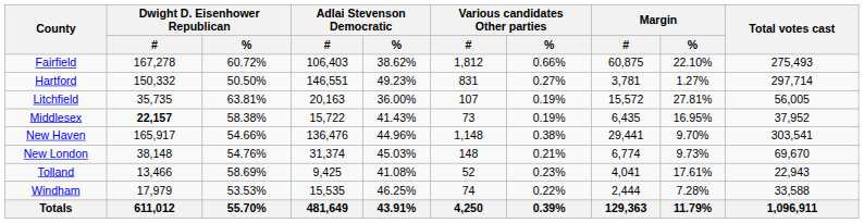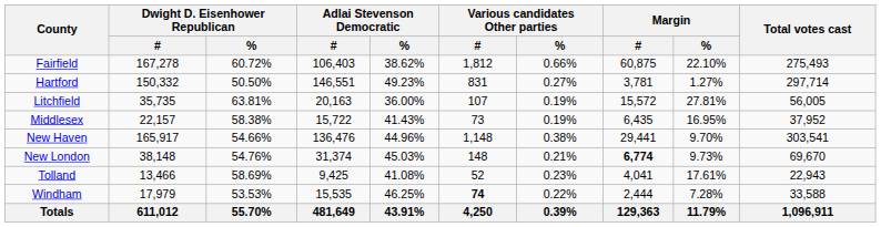 <table width="60%"  class="wikitable sortable" style="text-align:center">
 <tr>
 <th style="text-align:center;" rowspan="2">County</th>
 <th style="text-align:center;" colspan="2">Dwight D. Eisenhower<br>Republican</th>
 <th style="text-align:center;" colspan="2">Adlai Stevenson<br>Democratic</th>
 <th style="text-align:center;" colspan="2">Various candidates<br>Other parties</th>
 <th style="text-align:center;" colspan="2">Margin</th>
 <th style="text-align:center;" rowspan="2">Total votes cast</th>
 </tr>
 <tr>
 <th style="text-align:center;" data-sort-type="number">#</th>
 <th style="text-align:center;" data-sort-type="number">%</th>
 <th style="text-align:center;" data-sort-type="number">#</th>
 <th style="text-align:center;" data-sort-type="number">%</th>
 <th style="text-align:center;" data-sort-type="number">#</th>
 <th style="text-align:center;" data-sort-type="number">%</th>
 <th style="text-align:center;" data-sort-type="number">#</th>
 <th style="text-align:center;" data-sort-type="number">%</th>
 </tr>
 <tr style="text-align:center;">
 <td><a href='#'>Fairfield</a></td>
 <td>167,278</td>
 <td>60.72%</td>
 <td>106,403</td>
 <td>38.62%</td>
 <td>1,812</td>
 <td>0.66%</td>
 <td>60,875</td>
 <td>22.10%</td>
 <td>275,493</td>
 </tr>
 <tr style="text-align:center;">
 <td><a href='#'>Hartford</a></td>
 <td>150,332</td>
 <td>50.50%</td>
 <td>146,551</td>
 <td>49.23%</td>
 <td>831</td>
 <td>0.27%</td>
 <td>3,781</td>
 <td>1.27%</td>
 <td>297,714</td>
 </tr>
 <tr style="text-align:center;">
 <td><a href='#'>Litchfield</a></td>
 <td>35,735</td>
 <td>63.81%</td>
 <td>20,163</td>
 <td>36.00%</td>
 <td>107</td>
 <td>0.19%</td>
 <td>15,572</td>
 <td>27.81%</td>
 <td>56,005</td>
 </tr>
 <tr style="text-align:center;">
 <td><a href='#'>Middlesex</a></td>
-<td><strong>22,157</strong></td>
+<td>22,157</td>
 <td>58.38%</td>
 <td>15,722</td>
 <td>41.43%</td>
 <td>73</td>
 <td>0.19%</td>
 <td>6,435</td>
 <td>16.95%</td>
 <td>37,952</td>
 </tr>
 <tr style="text-align:center;">
 <td><a href='#'>New Haven</a></td>
 <td>165,917</td>
 <td>54.66%</td>
 <td>136,476</td>
 <td>44.96%</td>
 <td>1,148</td>
 <td>0.38%</td>
 <td>29,441</td>
 <td>9.70%</td>
 <td>303,541</td>
 </tr>
 <tr style="text-align:center;">
 <td><a href='#'>New London</a></td>
 <td>38,148</td>
 <td>54.76%</td>
 <td>31,374</td>
 <td>45.03%</td>
 <td>148</td>
 <td>0.21%</td>
-<td>6,774</td>
+<td><strong>6,774</strong></td>
 <td>9.73%</td>
 <td>69,670</td>
 </tr>
 <tr style="text-align:center;">
 <td><a href='#'>Tolland</a></td>
 <td>13,466</td>
 <td>58.69%</td>
 <td>9,425</td>
 <td>41.08%</td>
 <td>52</td>
 <td>0.23%</td>
 <td>4,041</td>
 <td>17.61%</td>
 <td>22,943</td>
 </tr>
 <tr style="text-align:center;">
 <td><a href='#'>Windham</a></td>
 <td>17,979</td>
 <td>53.53%</td>
 <td>15,535</td>
 <td>46.25%</td>
-<td>74</td>
+<td><strong>74</strong></td>
 <td>0.22%</td>
 <td>2,444</td>
 <td>7.28%</td>
 <td>33,588</td>
 </tr>
 <tr>
 <th>Totals</th>
 <th>611,012</th>
 <th>55.70%</th>
 <th>481,649</th>
 <th>43.91%</th>
 <th>4,250</th>
 <th>0.39%</th>
 <th>129,363</th>
 <th>11.79%</th>
 <th>1,096,911</th>
 </tr>
 </table>
